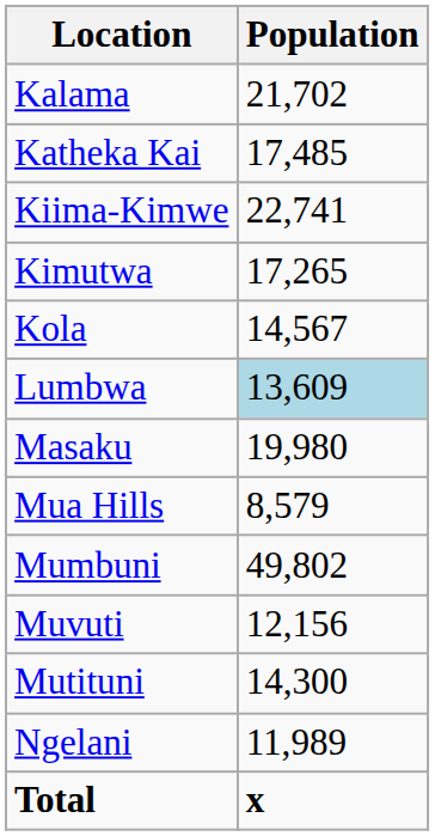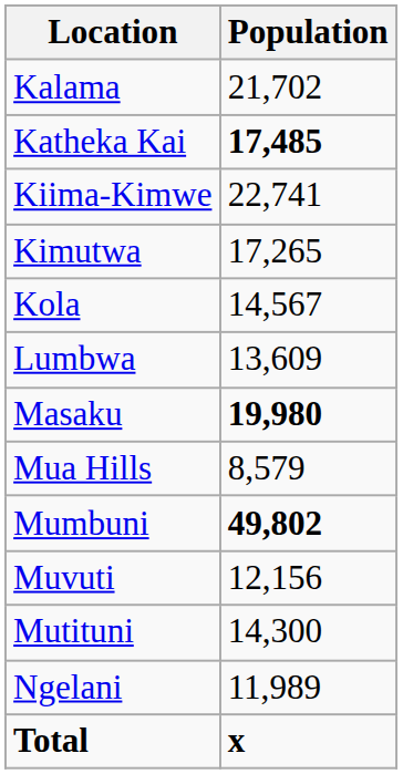 <table class="wikitable">
 <tr>
 <th>Location</th>
 <th>Population</th>
 </tr>
 <tr>
 <td><a href='#'>Kalama</a></td>
 <td>21,702</td>
 </tr>
 <tr>
 <td><a href='#'>Katheka Kai</a></td>
-<td>17,485</td>
+<td><strong>17,485</strong></td>
 </tr>
 <tr>
 <td><a href='#'>Kiima-Kimwe</a></td>
 <td>22,741</td>
 </tr>
 <tr>
 <td><a href='#'>Kimutwa</a></td>
 <td>17,265</td>
 </tr>
 <tr>
 <td><a href='#'>Kola</a></td>
 <td>14,567</td>
 </tr>
 <tr>
 <td><a href='#'>Lumbwa</a></td>
-<td style="background: lightblue;">13,609</td>
+<td>13,609</td>
 </tr>
 <tr>
 <td><a href='#'>Masaku</a></td>
-<td>19,980</td>
+<td><strong>19,980</strong></td>
 </tr>
 <tr>
 <td><a href='#'>Mua Hills</a></td>
 <td>8,579</td>
 </tr>
 <tr>
 <td><a href='#'>Mumbuni</a></td>
-<td>49,802</td>
+<td><strong>49,802</strong></td>
 </tr>
 <tr>
 <td><a href='#'>Muvuti</a></td>
 <td>12,156</td>
 </tr>
 <tr>
 <td><a href='#'>Mutituni</a></td>
 <td>14,300</td>
 </tr>
 <tr>
 <td><a href='#'>Ngelani</a></td>
 <td>11,989</td>
 </tr>
 <tr>
 <td><strong>Total</strong></td>
 <td><strong>x</strong></td>
 </tr>
 </table>
